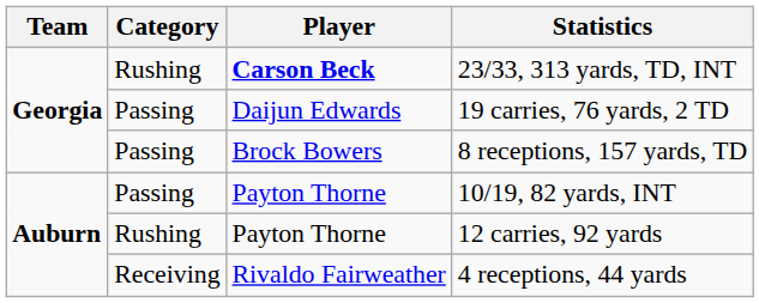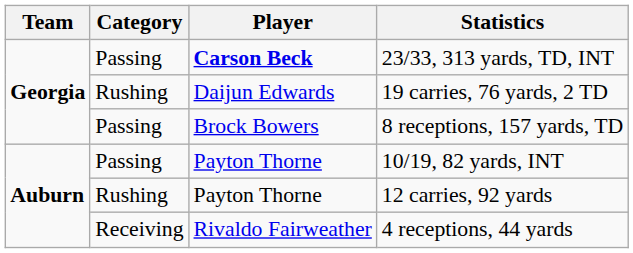 <table class="wikitable" style="float: right;">
 <tr>
 <th>Team</th>
 <th>Category</th>
 <th>Player</th>
 <th>Statistics</th>
 </tr>
 <tr>
 <td rowspan=3><strong>Georgia</strong></td>
-<td>Rushing</td>
+<td>Passing</td>
 <td><strong><a href='#'>Carson Beck</a></strong></td>
 <td>23/33, 313 yards, TD, INT</td>
 </tr>
 <tr>
-<td>Passing</td>
+<td>Rushing</td>
 <td><a href='#'>Daijun Edwards</a></td>
 <td>19 carries, 76 yards, 2 TD</td>
 </tr>
 <tr>
 <td>Passing</td>
 <td><a href='#'>Brock Bowers</a></td>
 <td>8 receptions, 157 yards, TD</td>
 </tr>
 <tr>
 <td rowspan=3><strong>Auburn</strong></td>
 <td>Passing</td>
 <td><a href='#'>Payton Thorne</a></td>
 <td>10/19, 82 yards, INT</td>
 </tr>
 <tr>
 <td>Rushing</td>
 <td>Payton Thorne</td>
 <td>12 carries, 92 yards</td>
 </tr>
 <tr>
 <td>Receiving</td>
 <td><a href='#'>Rivaldo Fairweather</a></td>
 <td>4 receptions, 44 yards</td>
 </tr>
 </table>
